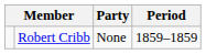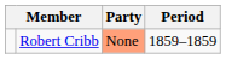 <table class="wikitable">
 <tr>
 <th colspan="2">Member</th>
 <th>Party</th>
 <th>Period</th>
 </tr>
 <tr>
 <td> </td>
 <td><a href='#'>Robert Cribb</a></td>
-<td>None</td>
+<td style="background: lightsalmon;">None</td>
 <td>1859–1859</td>
 </tr>
 </table>
